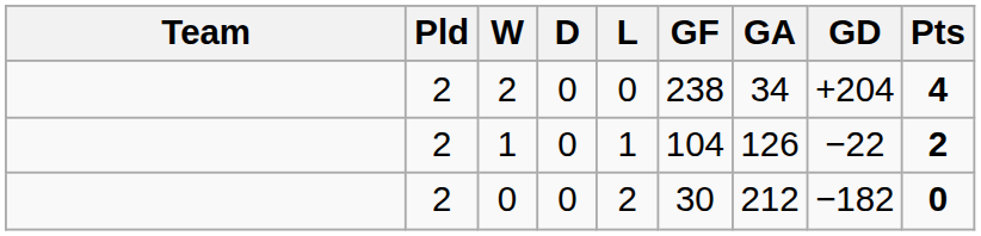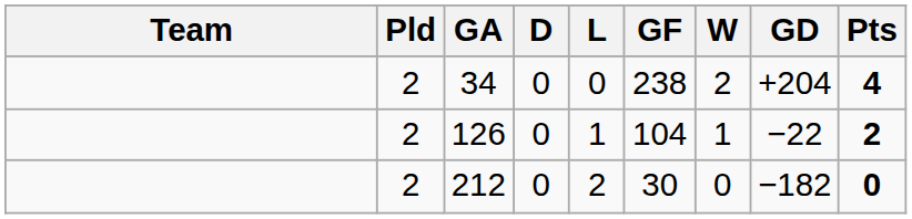 <table class="wikitable" style="text-align:center;">
 <tr>
 <th width=175>Team</th>
 <th width=20 abbr="Played">Pld</th>
-<th width=20 abbr="Won">W</th>
+<th width=20 abbr="Goals against">GA</th>
 <th width=20 abbr="Drawn">D</th>
 <th width=20 abbr="Lost">L</th>
 <th width=20 abbr="Goals for">GF</th>
-<th width=20 abbr="Goals against">GA</th>
+<th width=20 abbr="Won">W</th>
 <th width=20 abbr="Goal difference">GD</th>
 <th width=20 abbr="Points">Pts</th>
 </tr>
 <tr>
 <td align=left></td>
 <td>2</td>
-<td>2</td>
+<td>34</td>
 <td>0</td>
 <td>0</td>
 <td>238</td>
-<td>34</td>
+<td>2</td>
 <td>+204</td>
 <td><strong>4</strong></td>
 </tr>
 <tr>
 <td align=left></td>
 <td>2</td>
-<td>1</td>
+<td>126</td>
 <td>0</td>
 <td>1</td>
 <td>104</td>
-<td>126</td>
+<td>1</td>
 <td>−22</td>
 <td><strong>2</strong></td>
 </tr>
 <tr>
 <td align=left></td>
 <td>2</td>
-<td>0</td>
+<td>212</td>
 <td>0</td>
 <td>2</td>
 <td>30</td>
-<td>212</td>
+<td>0</td>
 <td>−182</td>
 <td><strong>0</strong></td>
 </tr>
 </table>
